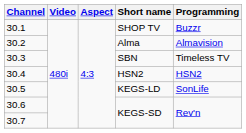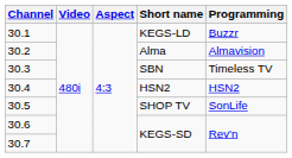 <table class="wikitable">
 <tr>
 <th><a href='#'>Channel</a></th>
 <th><a href='#'>Video</a></th>
 <th><a href='#'>Aspect</a></th>
 <th>Short name</th>
 <th>Programming</th>
 </tr>
 <tr>
 <td>30.1</td>
 <td rowspan=7><a href='#'>480i</a></td>
 <td rowspan=7><a href='#'>4:3</a></td>
-<td>SHOP TV</td>
+<td>KEGS-LD</td>
 <td><a href='#'>Buzzr</a></td>
 </tr>
 <tr>
 <td>30.2</td>
 <td>Alma</td>
 <td><a href='#'>Almavision</a></td>
 </tr>
 <tr>
 <td>30.3</td>
 <td>SBN</td>
 <td>Timeless TV</td>
 </tr>
 <tr>
 <td>30.4</td>
 <td>HSN2</td>
 <td><a href='#'>HSN2</a></td>
 </tr>
 <tr>
 <td>30.5</td>
-<td>KEGS-LD</td>
+<td>SHOP TV</td>
 <td><a href='#'>SonLife</a></td>
 </tr>
 <tr>
 <td>30.6</td>
 <td rowspan=2>KEGS-SD</td>
 <td rowspan=2><a href='#'>Rev'n</a></td>
 </tr>
 <tr>
 <td>30.7</td>
 </tr>
 </table>
